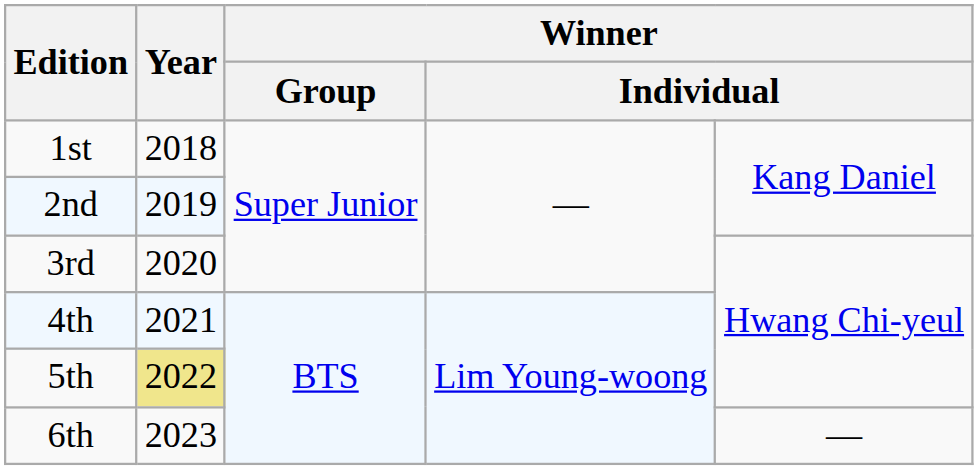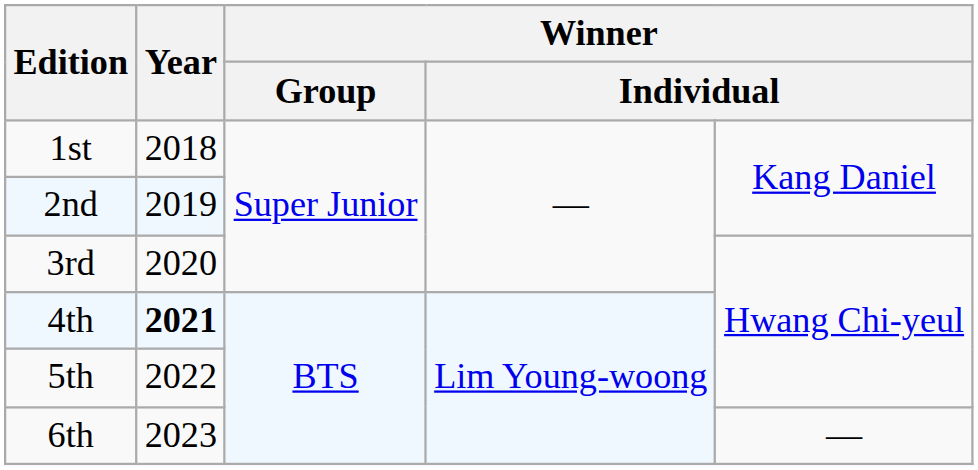 <table class="wikitable" style="text-align:center">
 <tr>
 <th rowspan="2">Edition</th>
 <th rowspan="2">Year</th>
 <th colspan="3">Winner</th>
 </tr>
 <tr>
 <th>Group</th>
 <th colspan="2">Individual</th>
 </tr>
 <tr>
 <td>1st</td>
 <td>2018</td>
 <td rowspan="3"><a href='#'>Super Junior</a></td>
 <td rowspan="3">—</td>
 <td rowspan="2"><a href='#'>Kang Daniel</a></td>
 </tr>
 <tr style="background:#f0f8ff;">
 <td>2nd</td>
 <td>2019</td>
 </tr>
 <tr>
 <td>3rd</td>
 <td>2020</td>
 <td rowspan="3"><a href='#'>Hwang Chi-yeul</a></td>
 </tr>
 <tr style="background:#f0f8ff;">
 <td>4th</td>
-<td>2021</td>
+<td><strong>2021</strong></td>
 <td rowspan="3"><a href='#'>BTS</a></td>
 <td rowspan="3"><a href='#'>Lim Young-woong</a></td>
 </tr>
 <tr>
 <td>5th</td>
-<td style="background: khaki;">2022</td>
+<td>2022</td>
 </tr>
 <tr>
 <td>6th</td>
 <td>2023</td>
 <td>—</td>
 </tr>
 </table>
